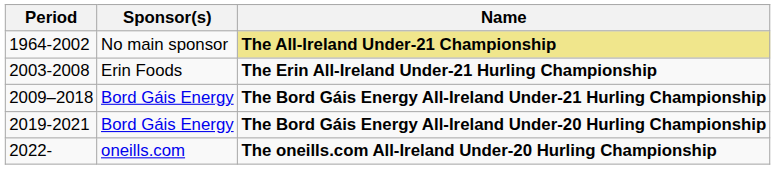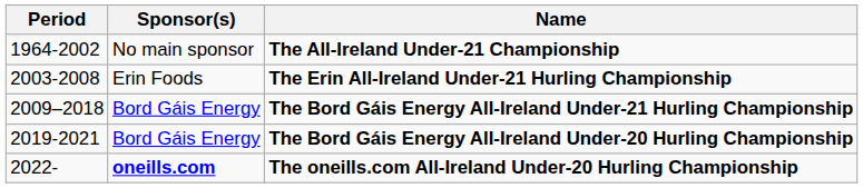 <table class="wikitable" style="text-align:left;margin-left:1em">
 <tr>
 <th>Period</th>
 <th>Sponsor(s)</th>
 <th>Name</th>
 </tr>
 <tr>
 <td>1964-2002</td>
 <td>No main sponsor</td>
-<td style="background: khaki;"><strong>The All-Ireland Under-21 Championship</strong></td>
+<td><strong>The All-Ireland Under-21 Championship</strong></td>
 </tr>
 <tr>
 <td>2003-2008</td>
 <td> Erin Foods</td>
 <td><strong>The Erin All-Ireland Under-21 Hurling Championship</strong></td>
 </tr>
 <tr>
 <td>2009–2018</td>
 <td> <a href='#'>Bord Gáis Energy</a></td>
 <td><strong>The Bord Gáis Energy All-Ireland Under-21 Hurling Championship</strong></td>
 </tr>
 <tr>
 <td>2019-2021</td>
 <td> <a href='#'>Bord Gáis Energy</a></td>
 <td><strong>The Bord Gáis Energy All-Ireland Under-20 Hurling Championship</strong></td>
 </tr>
 <tr>
 <td>2022-</td>
-<td> <a href='#'>oneills.com</a></td>
+<td><strong> <a href='#'>oneills.com</a></strong></td>
 <td><strong>The oneills.com All-Ireland Under-20 Hurling Championship</strong></td>
 </tr>
 </table>
